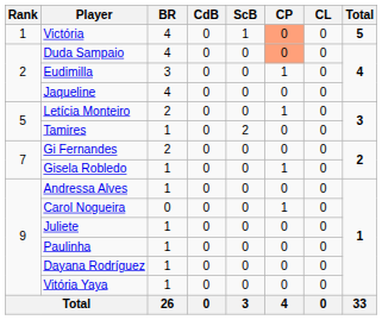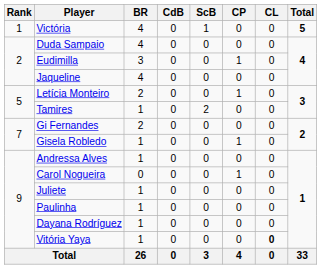 <table class="wikitable" style="text-align:center;">
 <tr>
 <th>Rank</th>
 <th>Player</th>
 <th width=10.5%><abbr>BR</abbr></th>
 <th width=10.5%><abbr>CdB</abbr></th>
 <th width=10.5%><abbr>ScB</abbr></th>
 <th width=10.5%><abbr>CP</abbr></th>
 <th width=10.5%><abbr>CL</abbr></th>
 <th>Total</th>
 </tr>
 <tr>
 <td>1</td>
 <td align=left> <a href='#'>Victória</a></td>
 <td>4</td>
 <td>0</td>
 <td>1</td>
-<td style="background: lightsalmon;">0</td>
+<td>0</td>
 <td>0</td>
 <td><strong>5</strong></td>
 </tr>
 <tr>
 <td rowspan=3>2</td>
 <td align=left> <a href='#'>Duda Sampaio</a></td>
 <td>4</td>
 <td>0</td>
 <td>0</td>
-<td style="background: lightsalmon;">0</td>
+<td>0</td>
 <td>0</td>
 <td rowspan=3><strong>4</strong></td>
 </tr>
 <tr>
 <td align=left> <a href='#'>Eudimilla</a></td>
 <td>3</td>
 <td>0</td>
 <td>0</td>
 <td>1</td>
 <td>0</td>
 </tr>
 <tr>
 <td align=left> <a href='#'>Jaqueline</a></td>
 <td>4</td>
 <td>0</td>
 <td>0</td>
 <td>0</td>
 <td>0</td>
 </tr>
 <tr>
 <td rowspan=2>5</td>
 <td align=left> <a href='#'>Letícia Monteiro</a></td>
 <td>2</td>
 <td>0</td>
 <td>0</td>
 <td>1</td>
 <td>0</td>
 <td rowspan=2><strong>3</strong></td>
 </tr>
 <tr>
 <td align=left> <a href='#'>Tamires</a></td>
 <td>1</td>
 <td>0</td>
 <td>2</td>
 <td>0</td>
 <td>0</td>
 </tr>
 <tr>
 <td rowspan=2>7</td>
 <td align=left> <a href='#'>Gi Fernandes</a></td>
 <td>2</td>
 <td>0</td>
 <td>0</td>
 <td>0</td>
 <td>0</td>
 <td rowspan=2><strong>2</strong></td>
 </tr>
 <tr>
 <td align=left> <a href='#'>Gisela Robledo</a></td>
 <td>1</td>
 <td>0</td>
 <td>0</td>
 <td>1</td>
 <td>0</td>
 </tr>
 <tr>
 <td rowspan=6>9</td>
 <td align=left> <a href='#'>Andressa Alves</a></td>
 <td>1</td>
 <td>0</td>
 <td>0</td>
 <td>0</td>
 <td>0</td>
 <td rowspan=6><strong>1</strong></td>
 </tr>
 <tr>
 <td align=left> <a href='#'>Carol Nogueira</a></td>
 <td>0</td>
 <td>0</td>
 <td>0</td>
 <td>1</td>
 <td>0</td>
 </tr>
 <tr>
 <td align=left> <a href='#'>Juliete</a></td>
 <td>1</td>
 <td>0</td>
 <td>0</td>
 <td>0</td>
 <td>0</td>
 </tr>
 <tr>
 <td align=left> <a href='#'>Paulinha</a></td>
 <td>1</td>
 <td>0</td>
 <td>0</td>
 <td>0</td>
 <td>0</td>
 </tr>
 <tr>
 <td align=left> <a href='#'>Dayana Rodríguez</a></td>
 <td>1</td>
 <td>0</td>
 <td>0</td>
 <td>0</td>
 <td>0</td>
 </tr>
 <tr>
 <td align=left> <a href='#'>Vitória Yaya</a></td>
 <td>1</td>
 <td>0</td>
 <td>0</td>
 <td>0</td>
-<td>0</td>
+<td><strong>0</strong></td>
 </tr>
 <tr>
 <th colspan=2>Total</th>
 <th>26</th>
 <th>0</th>
 <th>3</th>
 <th>4</th>
 <th>0</th>
 <th>33</th>
 </tr>
 </table>
